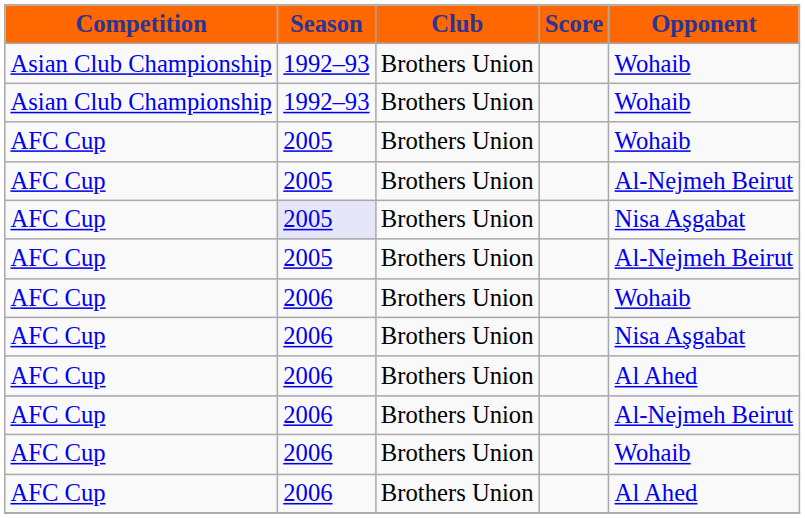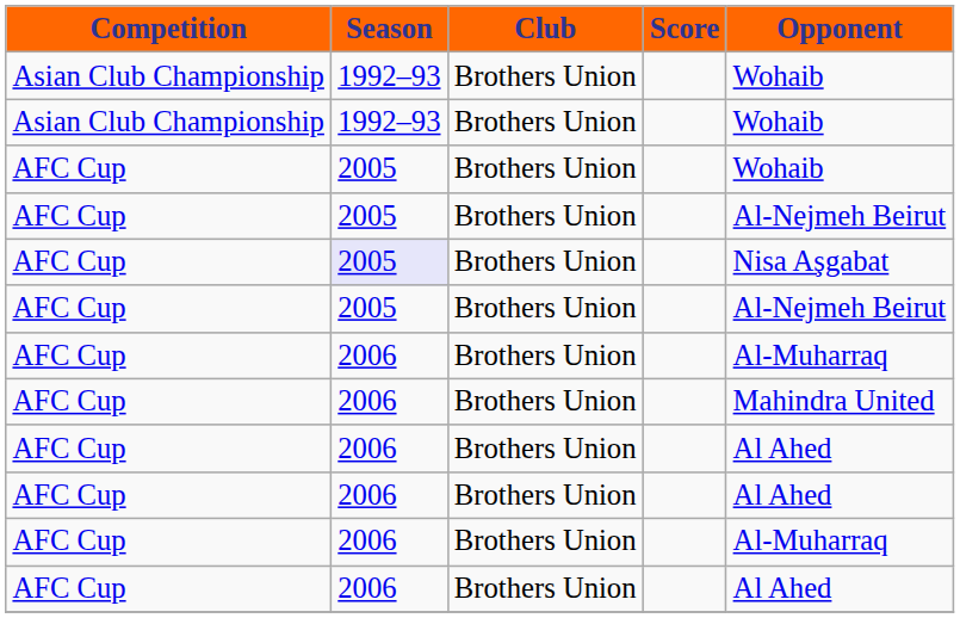 <table class="wikitable">
 <tr>
 <th style="background-color:#FF6701;color: #2C3494;">Competition</th>
 <th style="background-color:#FF6701;color: #2C3494;">Season</th>
 <th style="background-color:#FF6701;color: #2C3494;">Club</th>
 <th style="background-color:#FF6701;color: #2C3494;">Score</th>
 <th style="background-color:#FF6701;color: #2C3494;">Opponent</th>
 </tr>
 <tr style="">
 <td><a href='#'>Asian Club Championship</a></td>
 <td><a href='#'>1992–93</a></td>
 <td> Brothers Union</td>
 <td></td>
 <td> <a href='#'>Wohaib</a></td>
 </tr>
 <tr>
 <td><a href='#'>Asian Club Championship</a></td>
 <td><a href='#'>1992–93</a></td>
 <td> Brothers Union</td>
 <td></td>
 <td> <a href='#'>Wohaib</a></td>
 </tr>
 <tr>
 <td><a href='#'>AFC Cup</a></td>
 <td><a href='#'>2005</a></td>
 <td> Brothers Union</td>
 <td></td>
 <td> <a href='#'>Wohaib</a></td>
 </tr>
 <tr>
 <td><a href='#'>AFC Cup</a></td>
 <td><a href='#'>2005</a></td>
 <td> Brothers Union</td>
 <td></td>
 <td> <a href='#'>Al-Nejmeh Beirut</a></td>
 </tr>
 <tr>
 <td><a href='#'>AFC Cup</a></td>
 <td style="background: lavender;"><a href='#'>2005</a></td>
 <td> Brothers Union</td>
 <td></td>
 <td> <a href='#'>Nisa Aşgabat</a></td>
 </tr>
 <tr>
 <td><a href='#'>AFC Cup</a></td>
 <td><a href='#'>2005</a></td>
 <td> Brothers Union</td>
 <td></td>
 <td> <a href='#'>Al-Nejmeh Beirut</a></td>
 </tr>
 <tr>
 <td><a href='#'>AFC Cup</a></td>
 <td><a href='#'>2006</a></td>
 <td> Brothers Union</td>
 <td></td>
-<td> <a href='#'>Wohaib</a></td>
+<td> <a href='#'>Al-Muharraq</a></td>
 </tr>
 <tr>
 <td><a href='#'>AFC Cup</a></td>
 <td><a href='#'>2006</a></td>
 <td> Brothers Union</td>
 <td></td>
-<td> <a href='#'>Nisa Aşgabat</a></td>
+<td> <a href='#'>Mahindra United</a></td>
 </tr>
 <tr>
 <td><a href='#'>AFC Cup</a></td>
 <td><a href='#'>2006</a></td>
 <td> Brothers Union</td>
 <td></td>
 <td> <a href='#'>Al Ahed</a></td>
 </tr>
 <tr>
 <td><a href='#'>AFC Cup</a></td>
 <td><a href='#'>2006</a></td>
 <td> Brothers Union</td>
 <td></td>
-<td> <a href='#'>Al-Nejmeh Beirut</a></td>
+<td> <a href='#'>Al Ahed</a></td>
 </tr>
 <tr>
 <td><a href='#'>AFC Cup</a></td>
 <td><a href='#'>2006</a></td>
 <td> Brothers Union</td>
 <td></td>
-<td> <a href='#'>Wohaib</a></td>
+<td> <a href='#'>Al-Muharraq</a></td>
 </tr>
 <tr>
 <td><a href='#'>AFC Cup</a></td>
 <td><a href='#'>2006</a></td>
 <td> Brothers Union</td>
 <td></td>
 <td> <a href='#'>Al Ahed</a></td>
 </tr>
 <tr>
 </tr>
 </table>
